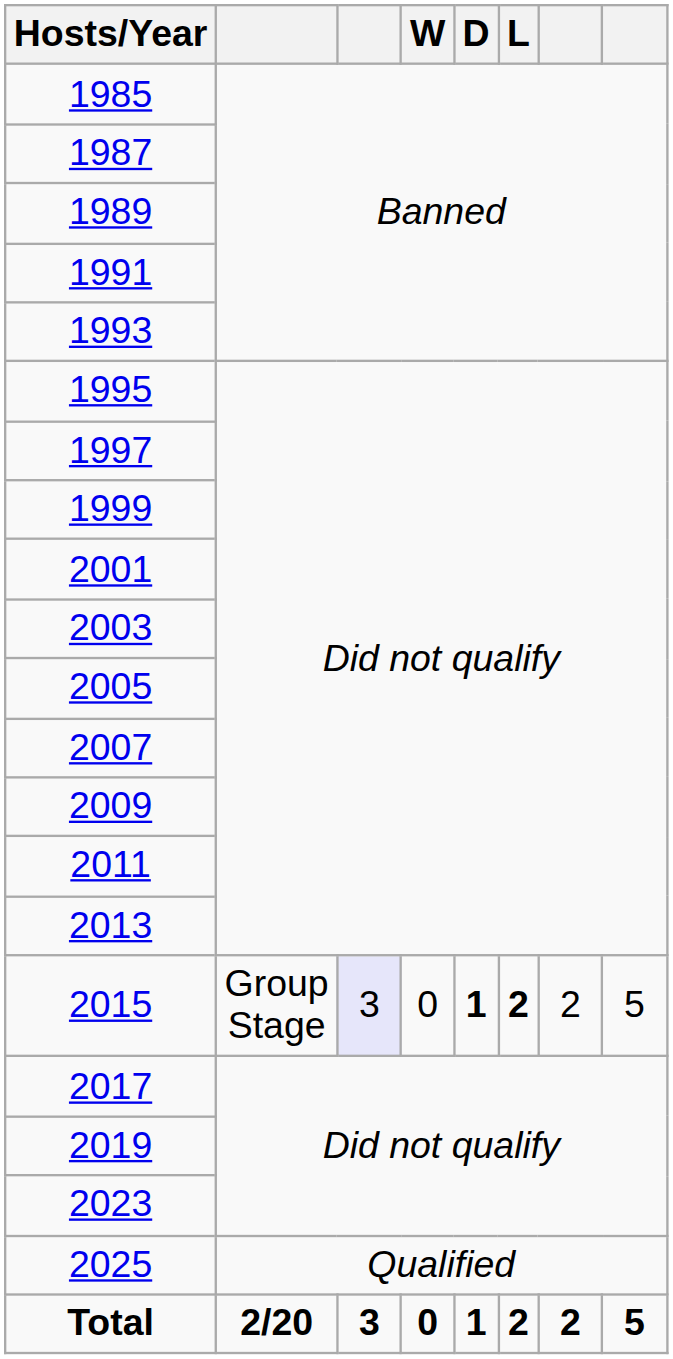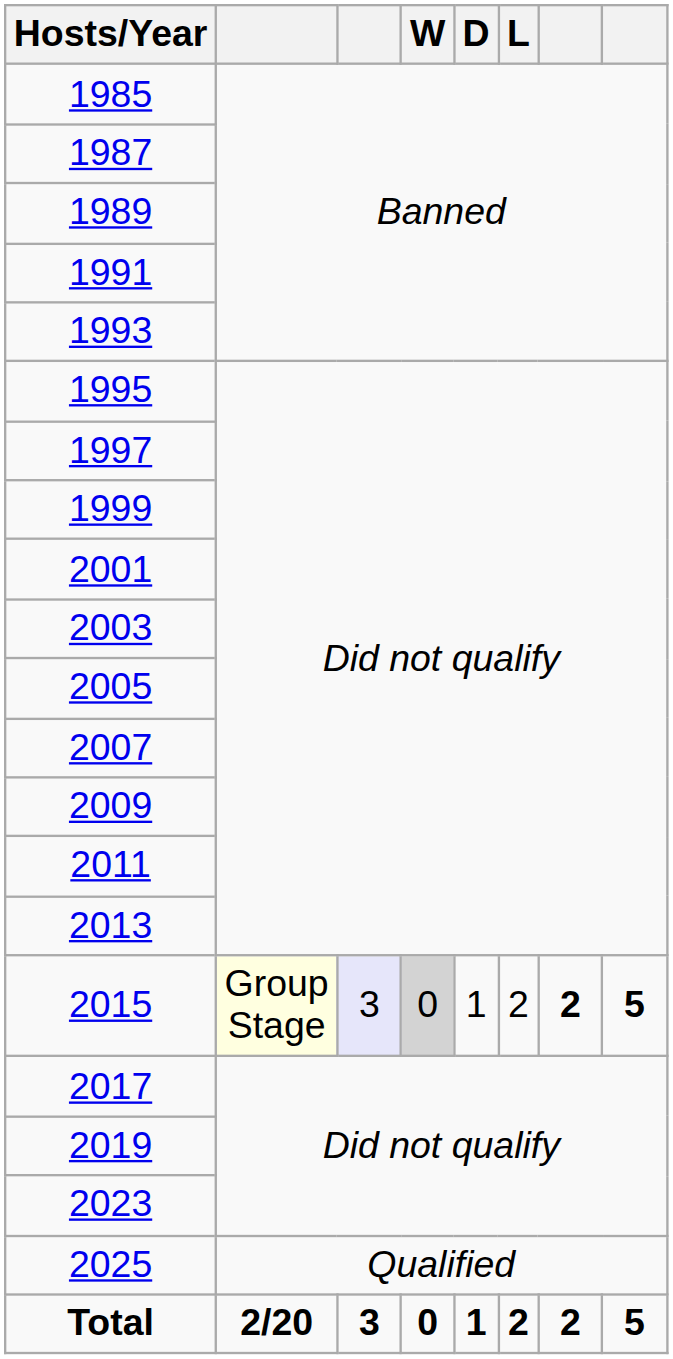 <table class="wikitable" style="text-align: center;">
 <tr>
 <th>Hosts/Year</th>
 <th width=20></th>
 <th width=20></th>
 <th>W</th>
 <th>D</th>
 <th>L</th>
 <th width=20></th>
 <th width=20></th>
 </tr>
 <tr>
 <td> <a href='#'>1985</a></td>
 <td colspan=7 rowspan=5><em>Banned</em></td>
 </tr>
 <tr>
 <td> <a href='#'>1987</a></td>
 </tr>
 <tr>
 <td> <a href='#'>1989</a></td>
 </tr>
 <tr>
 <td> <a href='#'>1991</a></td>
 </tr>
 <tr>
 <td> <a href='#'>1993</a></td>
 </tr>
 <tr>
 <td> <a href='#'>1995</a></td>
 <td colspan=7 rowspan=10><em>Did not qualify</em></td>
 </tr>
 <tr>
 <td> <a href='#'>1997</a></td>
 </tr>
 <tr>
 <td> <a href='#'>1999</a></td>
 </tr>
 <tr>
 <td> <a href='#'>2001</a></td>
 </tr>
 <tr>
 <td> <a href='#'>2003</a></td>
 </tr>
 <tr>
 <td> <a href='#'>2005</a></td>
 </tr>
 <tr>
 <td> <a href='#'>2007</a></td>
 </tr>
 <tr>
 <td> <a href='#'>2009</a></td>
 </tr>
 <tr>
 <td> <a href='#'>2011</a></td>
 </tr>
 <tr>
 <td> <a href='#'>2013</a></td>
 </tr>
 <tr>
 <td> <a href='#'>2015</a></td>
-<td>Group Stage</td>
+<td style="background: lightyellow;">Group Stage</td>
 <td style="background: lavender;">3</td>
-<td>0</td>
-<td><strong>1</strong></td>
+<td style="background: lightgrey;">0</td>
+<td>1</td>
+<td>2</td>
 <td><strong>2</strong></td>
-<td>2</td>
-<td>5</td>
+<td><strong>5</strong></td>
 </tr>
 <tr>
 <td> <a href='#'>2017</a></td>
 <td colspan=7 rowspan=3><em>Did not qualify</em></td>
 </tr>
 <tr>
 <td> <a href='#'>2019</a></td>
 </tr>
 <tr>
 <td> <a href='#'>2023</a></td>
 </tr>
 <tr>
 <td> <a href='#'>2025</a></td>
 <td colspan=7><em>Qualified</em></td>
 </tr>
 <tr>
 <td><strong>Total</strong></td>
 <td><strong>2/20</strong></td>
 <td><strong>3</strong></td>
 <td><strong>0</strong></td>
 <td><strong>1</strong></td>
 <td><strong>2</strong></td>
 <td><strong>2</strong></td>
 <td><strong>5</strong></td>
 </tr>
 </table>
